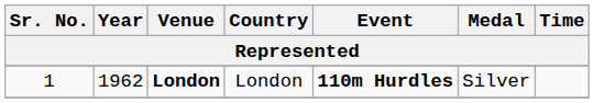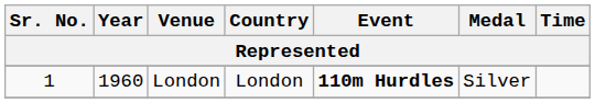 <table class="wikitable">
 <tr>
 <th>Sr. No.</th>
 <th>Year</th>
 <th>Venue</th>
 <th>Country</th>
 <th>Event</th>
 <th>Medal</th>
 <th>Time</th>
 </tr>
 <tr>
 <th colspan="7">Represented </th>
 </tr>
 <tr>
 </tr>
 <tr style="text-align:center;">
 <td>1</td>
-<td>1962</td>
-<td><strong>London</strong></td>
+<td>1960</td>
+<td>London</td>
 <td>London</td>
 <td><strong>110m Hurdles</strong></td>
 <td>Silver</td>
 <td></td>
 </tr>
 <tr style="text-align:center;">
 </tr>
 </table>
